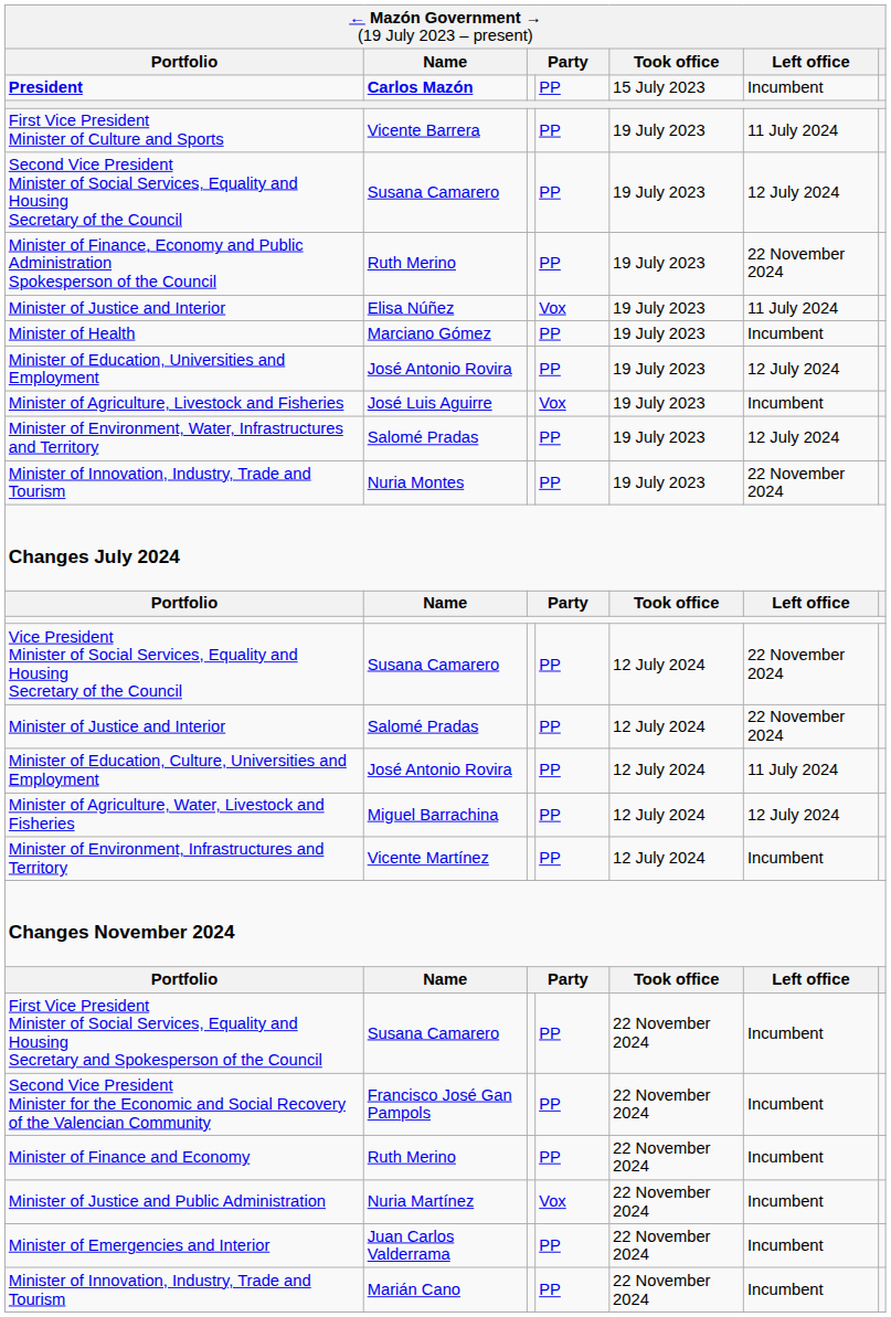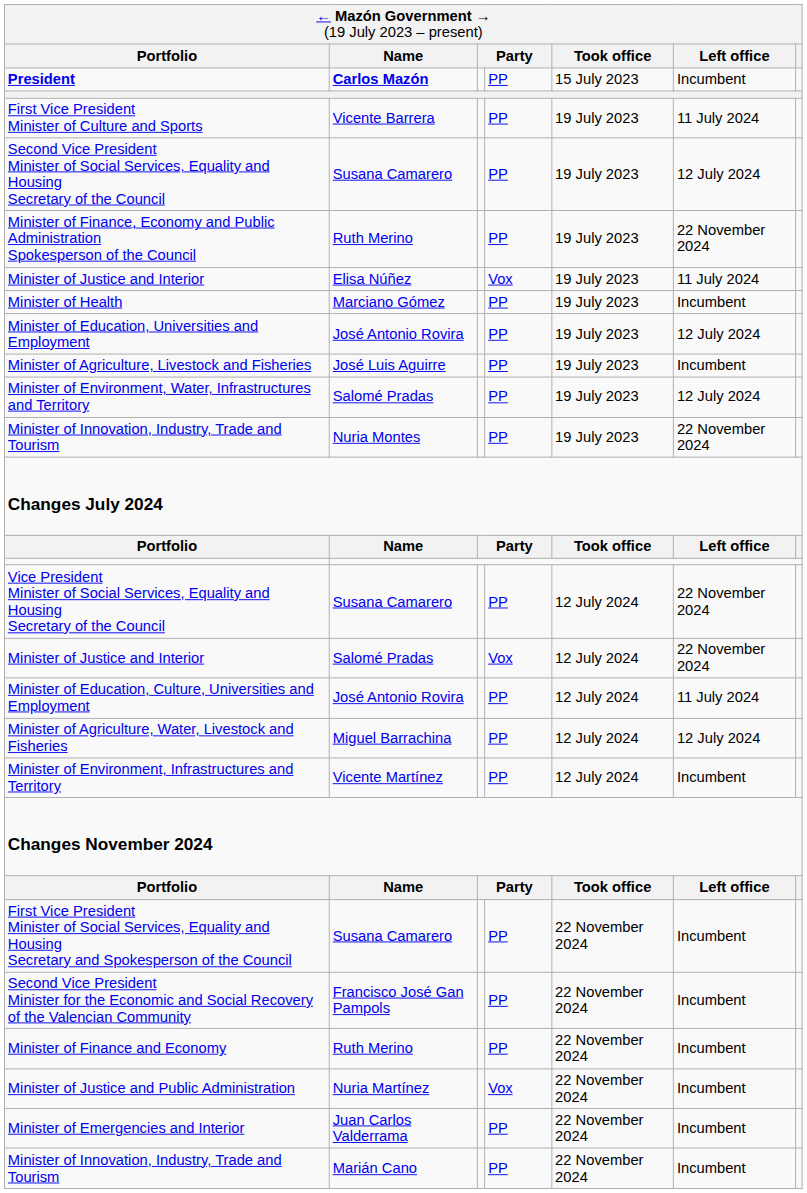 <table class="wikitable">
 <tr>
 <td colspan="7" bgcolor="#F2F2F2" align="center"><a href='#'>←</a> <strong>Mazón Government</strong> →<br>(19 July 2023 – present)</td>
 </tr>
 <tr>
 <th>Portfolio</th>
 <th>Name</th>
 <th width="100px" colspan="2">Party</th>
 <th width="125px">Took office</th>
 <th width="125px">Left office</th>
 <th></th>
 </tr>
 <tr>
 <td><strong><a href='#'>President</a></strong></td>
 <td><strong><a href='#'>Carlos Mazón</a></strong></td>
 <td width="1" style="background-color:"></td>
 <td><a href='#'>PP</a></td>
 <td>15 July 2023</td>
 <td>Incumbent</td>
 <td align="center"></td>
 </tr>
 <tr>
 <th colspan="7"></th>
 </tr>
 <tr>
 <td><a href='#'>First Vice President</a><br><a href='#'>Minister of Culture and Sports</a></td>
 <td><a href='#'>Vicente Barrera</a></td>
 <td style="background-color:"></td>
 <td><a href='#'>PP</a> </td>
 <td>19 July 2023</td>
 <td>11 July 2024</td>
 <td align="center"></td>
 </tr>
 <tr>
 <td><a href='#'>Second Vice President</a><br><a href='#'>Minister of Social Services, Equality and Housing</a><br><a href='#'>Secretary of the Council</a></td>
 <td><a href='#'>Susana Camarero</a></td>
 <td style="background-color:"></td>
 <td><a href='#'>PP</a></td>
 <td>19 July 2023</td>
 <td>12 July 2024</td>
 <td align="center"></td>
 </tr>
 <tr>
 <td><a href='#'>Minister of Finance, Economy and Public Administration</a><br><a href='#'>Spokesperson of the Council</a></td>
 <td><a href='#'>Ruth Merino</a></td>
 <td style="background-color:"></td>
 <td><a href='#'>PP</a> </td>
 <td>19 July 2023</td>
 <td>22 November 2024</td>
 <td align="center"></td>
 </tr>
 <tr>
 <td><a href='#'>Minister of Justice and Interior</a></td>
 <td><a href='#'>Elisa Núñez</a></td>
 <td style="background-color:"></td>
 <td><a href='#'>Vox</a></td>
 <td>19 July 2023</td>
 <td>11 July 2024</td>
 <td align="center"></td>
 </tr>
 <tr>
 <td><a href='#'>Minister of Health</a></td>
 <td><a href='#'>Marciano Gómez</a></td>
 <td style="background-color:"></td>
 <td><a href='#'>PP</a></td>
 <td>19 July 2023</td>
 <td>Incumbent</td>
 <td align="center"></td>
 </tr>
 <tr>
 <td><a href='#'>Minister of Education, Universities and Employment</a></td>
 <td><a href='#'>José Antonio Rovira</a></td>
 <td style="background-color:"></td>
 <td><a href='#'>PP</a></td>
 <td>19 July 2023</td>
 <td>12 July 2024</td>
 <td align="center"></td>
 </tr>
 <tr>
 <td><a href='#'>Minister of Agriculture, Livestock and Fisheries</a></td>
 <td><a href='#'>José Luis Aguirre</a></td>
 <td style="background-color:"></td>
-<td><a href='#'>Vox</a></td>
+<td><a href='#'>PP</a></td>
 <td>19 July 2023</td>
 <td>Incumbent</td>
 <td align="center"></td>
 </tr>
 <tr>
 <td><a href='#'>Minister of Environment, Water, Infrastructures and Territory</a></td>
 <td><a href='#'>Salomé Pradas</a></td>
 <td style="background-color:"></td>
 <td><a href='#'>PP</a></td>
 <td>19 July 2023</td>
 <td>12 July 2024</td>
 <td align="center"></td>
 </tr>
 <tr>
 <td><a href='#'>Minister of Innovation, Industry, Trade and Tourism</a></td>
 <td><a href='#'>Nuria Montes</a></td>
 <td style="background-color:"></td>
 <td><a href='#'>PP</a> </td>
 <td>19 July 2023</td>
 <td>22 November 2024</td>
 <td align="center"></td>
 </tr>
 <tr>
 <td colspan="7"><br><h3>Changes July 2024</h3></td>
 </tr>
 <tr>
 <th>Portfolio</th>
 <th>Name</th>
 <th colspan="2">Party</th>
 <th>Took office</th>
 <th>Left office</th>
 <th></th>
 </tr>
 <tr>
 <td></td>
 <td colspan="6"></td>
 </tr>
 <tr>
 <td><a href='#'>Vice President</a><br><a href='#'>Minister of Social Services, Equality and Housing</a><br><a href='#'>Secretary of the Council</a></td>
 <td><a href='#'>Susana Camarero</a></td>
 <td style="background-color:"></td>
 <td><a href='#'>PP</a></td>
 <td>12 July 2024</td>
 <td>22 November 2024</td>
 <td align="center"></td>
 </tr>
 <tr>
 <td><a href='#'>Minister of Justice and Interior</a></td>
 <td><a href='#'>Salomé Pradas</a></td>
 <td style="background-color:"></td>
-<td><a href='#'>PP</a></td>
+<td><a href='#'>Vox</a></td>
 <td>12 July 2024</td>
 <td>22 November 2024</td>
 <td align="center"></td>
 </tr>
 <tr>
 <td><a href='#'>Minister of Education, Culture, Universities and Employment</a></td>
 <td><a href='#'>José Antonio Rovira</a></td>
 <td style="background-color:"></td>
 <td><a href='#'>PP</a></td>
 <td>12 July 2024</td>
 <td>11 July 2024</td>
 <td align="center"></td>
 </tr>
 <tr>
 <td><a href='#'>Minister of Agriculture, Water, Livestock and Fisheries</a></td>
 <td><a href='#'>Miguel Barrachina</a></td>
 <td style="background-color:"></td>
 <td><a href='#'>PP</a></td>
 <td>12 July 2024</td>
 <td>12 July 2024</td>
 <td align="center"></td>
 </tr>
 <tr>
 <td><a href='#'>Minister of Environment, Infrastructures and Territory</a></td>
 <td><a href='#'>Vicente Martínez</a></td>
 <td style="background-color:"></td>
 <td><a href='#'>PP</a></td>
 <td>12 July 2024</td>
 <td>Incumbent</td>
 <td align="center"></td>
 </tr>
 <tr>
 <td colspan="7"><br><h3>Changes November 2024</h3></td>
 </tr>
 <tr>
 <th>Portfolio</th>
 <th>Name</th>
 <th colspan="2">Party</th>
 <th>Took office</th>
 <th>Left office</th>
 <th></th>
 </tr>
 <tr>
 <td><a href='#'>First Vice President</a><br><a href='#'>Minister of Social Services, Equality and Housing</a><br><a href='#'>Secretary and Spokesperson of the Council</a></td>
 <td><a href='#'>Susana Camarero</a></td>
 <td style="background-color:"></td>
 <td><a href='#'>PP</a></td>
 <td>22 November 2024</td>
 <td>Incumbent</td>
 <td align="center"></td>
 </tr>
 <tr>
 <td><a href='#'>Second Vice President</a><br><a href='#'>Minister for the Economic and Social Recovery of the Valencian Community</a></td>
 <td><a href='#'>Francisco José Gan Pampols</a></td>
 <td style="background-color:"></td>
 <td><a href='#'>PP</a> </td>
 <td>22 November 2024</td>
 <td>Incumbent</td>
 <td align="center"></td>
 </tr>
 <tr>
 <td><a href='#'>Minister of Finance and Economy</a></td>
 <td><a href='#'>Ruth Merino</a></td>
 <td style="background-color:"></td>
 <td><a href='#'>PP</a> </td>
 <td>22 November 2024</td>
 <td>Incumbent</td>
 <td align="center"></td>
 </tr>
 <tr>
 <td><a href='#'>Minister of Justice and Public Administration</a></td>
 <td><a href='#'>Nuria Martínez</a></td>
 <td style="background-color:"></td>
 <td><a href='#'>Vox</a></td>
 <td>22 November 2024</td>
 <td>Incumbent</td>
 <td align="center"></td>
 </tr>
 <tr>
 <td><a href='#'>Minister of Emergencies and Interior</a></td>
 <td><a href='#'>Juan Carlos Valderrama</a></td>
 <td style="background-color:"></td>
 <td><a href='#'>PP</a></td>
 <td>22 November 2024</td>
 <td>Incumbent</td>
 <td align="center"></td>
 </tr>
 <tr>
 <td><a href='#'>Minister of Innovation, Industry, Trade and Tourism</a></td>
 <td><a href='#'>Marián Cano</a></td>
 <td style="background-color:"></td>
 <td><a href='#'>PP</a></td>
 <td>22 November 2024</td>
 <td>Incumbent</td>
 <td align="center"></td>
 </tr>
 </table>
